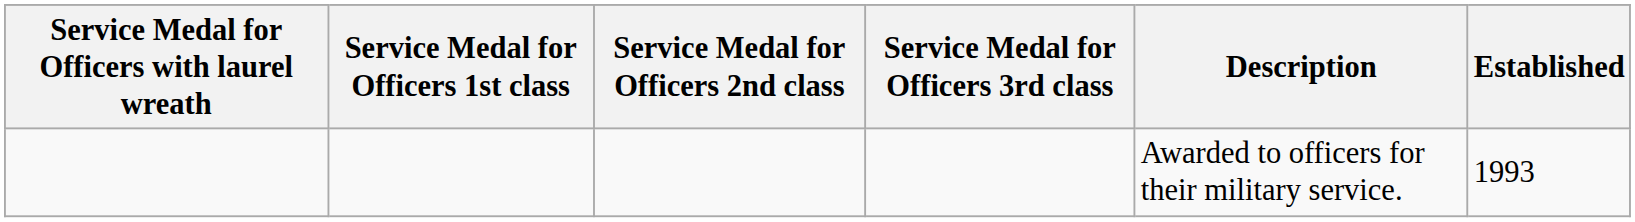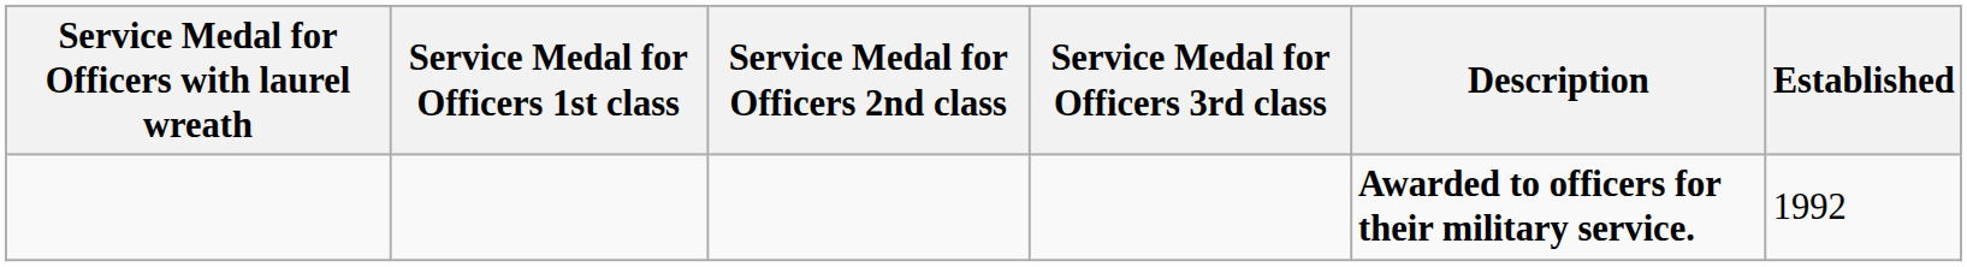 <table class="wikitable" style="font-size:85%;">
 <tr>
 <th><big>Service Medal for Officers with laurel wreath</big></th>
 <th><big>Service Medal for Officers 1st class</big></th>
 <th><big>Service Medal for Officers 2nd class</big></th>
 <th><big>Service Medal for Officers 3rd class</big></th>
 <th><big>Description</big></th>
 <th><big>Established</big></th>
 </tr>
 <tr>
 <td><big></big></td>
 <td><big></big></td>
 <td><big></big></td>
 <td><big></big></td>
-<td><big>Awarded to officers for their military service.</big></td>
-<td><big>1993</big></td>
+<td><strong><big>Awarded to officers for their military service.</big></strong></td>
+<td><big>1992</big></td>
 </tr>
 </table>
